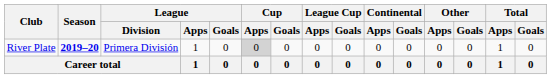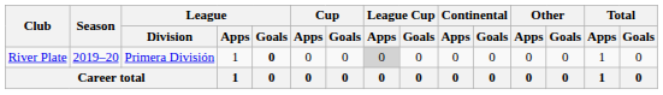 <table class="wikitable" style="text-align:center">
 <tr>
 <th rowspan="2">Club</th>
 <th rowspan="2">Season</th>
 <th colspan="3">League</th>
 <th colspan="2">Cup</th>
 <th colspan="2">League Cup</th>
 <th colspan="2">Continental</th>
 <th colspan="2">Other</th>
 <th colspan="2">Total</th>
 </tr>
 <tr>
 <th>Division</th>
 <th>Apps</th>
 <th>Goals</th>
 <th>Apps</th>
 <th>Goals</th>
 <th>Apps</th>
 <th>Goals</th>
 <th>Apps</th>
 <th>Goals</th>
 <th>Apps</th>
 <th>Goals</th>
 <th>Apps</th>
 <th>Goals</th>
 </tr>
 <tr>
 <td rowspan="1"><a href='#'>River Plate</a></td>
-<td><strong><a href='#'>2019–20</a></strong></td>
+<td><a href='#'>2019–20</a></td>
 <td rowspan="1"><a href='#'>Primera División</a></td>
 <td>1</td>
+<td><strong>0</strong></td>
+<td>0</td>
 <td>0</td>
 <td style="background: lightgrey;">0</td>
-<td>0</td>
-<td>0</td>
 <td>0</td>
 <td>0</td>
 <td>0</td>
 <td>0</td>
 <td>0</td>
 <td>1</td>
 <td>0</td>
 </tr>
 <tr>
 <th colspan="3">Career total</th>
 <th>1</th>
 <th>0</th>
 <th>0</th>
 <th>0</th>
 <th>0</th>
 <th>0</th>
 <th>0</th>
 <th>0</th>
 <th>0</th>
 <th>0</th>
 <th>1</th>
 <th>0</th>
 </tr>
 </table>
